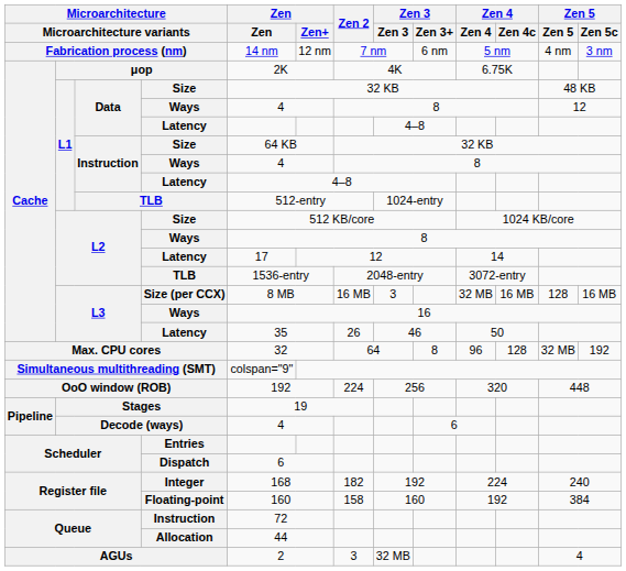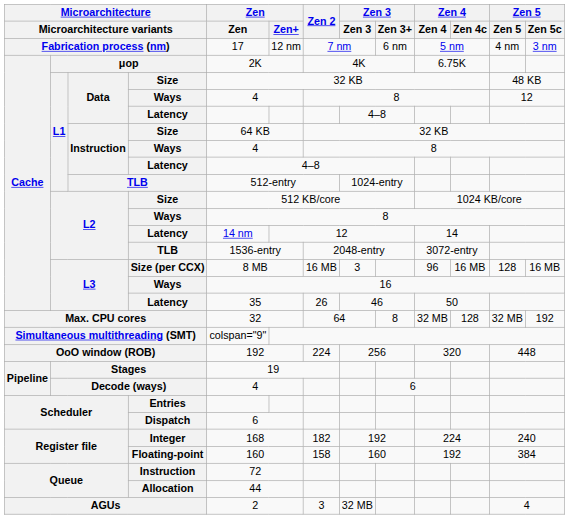 <table class="wikitable mw-datatable" style="text-align: center;">
 <tr>
 <th colspan="4"><a href='#'>Microarchitecture</a></th>
 <th colspan="2"><a href='#'>Zen</a></th>
 <th rowspan="2"><a href='#'>Zen 2</a></th>
 <th colspan="2"><a href='#'>Zen 3</a></th>
 <th colspan="2"><a href='#'>Zen 4</a></th>
 <th colspan="2"><a href='#'>Zen 5</a></th>
 </tr>
 <tr>
 <th colspan="4">Microarchitecture variants</th>
 <th>Zen</th>
 <th><a href='#'>Zen+</a></th>
 <th>Zen 3</th>
 <th>Zen 3+</th>
 <th>Zen 4</th>
 <th>Zen 4c</th>
 <th>Zen 5</th>
 <th>Zen 5c</th>
 </tr>
 <tr>
 <th colspan="4"><a href='#'>Fabrication process</a> (<a href='#'>nm</a>)</th>
-<td><a href='#'>14 nm</a></td>
+<td>17</td>
 <td>12 nm</td>
 <td colspan="2"><a href='#'>7 nm</a></td>
 <td>6 nm</td>
 <td colspan="2"><a href='#'>5 nm</a></td>
 <td>4 nm</td>
 <td><a href='#'>3 nm</a></td>
 </tr>
 <tr>
 <th rowspan="15"><a href='#'>Cache</a></th>
 <th colspan="3">μop</th>
 <td colspan="2">2K</td>
 <td colspan="3">4K</td>
 <td colspan="2">6.75K</td>
 <td></td>
 <td></td>
 </tr>
 <tr>
 <th rowspan="7"><a href='#'>L1</a></th>
 <th rowspan="3">Data</th>
 <th>Size</th>
 <td colspan="7">32 KB</td>
 <td colspan="2">48 KB</td>
 </tr>
 <tr>
 <th>Ways</th>
 <td colspan="2">4</td>
 <td colspan="5">8</td>
 <td colspan="2">12</td>
 </tr>
 <tr>
 <th>Latency</th>
 <td></td>
 <td></td>
 <td></td>
 <td colspan="2">4–8</td>
 <td></td>
 <td></td>
 <td colspan="2"></td>
 </tr>
 <tr>
 <th rowspan="3">Instruction</th>
 <th>Size</th>
 <td colspan="2">64 KB</td>
 <td colspan="7">32 KB</td>
 </tr>
 <tr>
 <th>Ways</th>
 <td colspan="2">4</td>
 <td colspan="7">8</td>
 </tr>
 <tr>
 <th>Latency</th>
 <td colspan="5">4–8</td>
 <td></td>
 <td></td>
 <td colspan="2"></td>
 </tr>
 <tr>
 <th colspan="2"><a href='#'>TLB</a></th>
 <td colspan="3">512-entry</td>
 <td colspan="2">1024-entry</td>
 <td></td>
 <td></td>
 <td colspan="2"></td>
 </tr>
 <tr>
 <th colspan="2" rowspan="4"><a href='#'>L2</a></th>
 <th>Size</th>
 <td colspan="5">512 KB/core</td>
 <td colspan="4">1024 KB/core</td>
 </tr>
 <tr>
 <th>Ways</th>
 <td colspan="9">8</td>
 </tr>
 <tr>
 <th>Latency</th>
-<td>17</td>
+<td><a href='#'>14 nm</a></td>
 <td colspan="4">12</td>
 <td colspan="2">14</td>
 <td colspan="2"></td>
 </tr>
 <tr>
 <th>TLB</th>
 <td colspan="2">1536-entry</td>
 <td colspan="3">2048-entry</td>
 <td colspan="2">3072-entry</td>
 <td colspan="2"></td>
 </tr>
 <tr>
 <th colspan="2" rowspan="3"><a href='#'>L3</a></th>
 <th>Size (per CCX)</th>
 <td colspan="2">8 MB</td>
 <td>16 MB</td>
 <td>3</td>
 <td></td>
-<td>32 MB</td>
+<td>96</td>
 <td>16 MB</td>
 <td>128</td>
 <td>16 MB</td>
 </tr>
 <tr>
 <th>Ways</th>
 <td colspan="9">16</td>
 </tr>
 <tr>
 <th>Latency</th>
 <td colspan="2">35</td>
 <td>26</td>
 <td colspan="2">46</td>
 <td colspan="2">50</td>
 <td colspan="2"></td>
 </tr>
 <tr>
 <th colspan="4">Max. CPU cores</th>
 <td colspan="2">32</td>
 <td colspan="2">64</td>
 <td>8</td>
-<td>96</td>
+<td>32 MB</td>
 <td>128</td>
 <td>32 MB</td>
 <td>192</td>
 </tr>
 <tr>
 <th colspan="4"><a href='#'>Simultaneous multithreading</a> (SMT)</th>
 <td>colspan="9" </td>
 </tr>
 <tr>
 <th colspan="4">OoO window (ROB)</th>
 <td colspan="2">192</td>
 <td>224</td>
 <td colspan="2">256</td>
 <td colspan="2">320</td>
 <td colspan="2">448</td>
 </tr>
 <tr>
 <th rowspan="2">Pipeline</th>
 <th colspan="3">Stages</th>
 <td colspan="3">19</td>
 <td></td>
 <td></td>
 <td></td>
 <td></td>
 <td colspan="2"></td>
 </tr>
 <tr>
 <th colspan="3">Decode (ways)</th>
 <td colspan="2">4</td>
 <td></td>
 <td></td>
 <td colspan="2">6</td>
 <td></td>
 <td colspan="2"></td>
 </tr>
 <tr>
 <th colspan="3" rowspan="2">Scheduler</th>
 <th>Entries</th>
 <td></td>
 <td></td>
 <td></td>
 <td></td>
 <td></td>
 <td></td>
 <td></td>
 <td colspan="2"></td>
 </tr>
 <tr>
 <th>Dispatch</th>
 <td colspan="2">6</td>
 <td></td>
 <td></td>
 <td></td>
 <td></td>
 <td></td>
 <td colspan="2"></td>
 </tr>
 <tr>
 <th colspan="3" rowspan="2">Register file</th>
 <th>Integer</th>
 <td colspan="2">168</td>
 <td>182</td>
 <td colspan="2">192</td>
 <td colspan="2">224</td>
 <td colspan="2">240</td>
 </tr>
 <tr>
 <th>Floating-point</th>
 <td colspan="2">160</td>
 <td>158</td>
 <td colspan="2">160</td>
 <td colspan="2">192</td>
 <td colspan="2">384</td>
 </tr>
 <tr>
 <th colspan="3" rowspan="2">Queue</th>
 <th>Instruction</th>
 <td colspan="2">72</td>
 <td></td>
 <td></td>
 <td></td>
 <td></td>
 <td></td>
 <td colspan="2"></td>
 </tr>
 <tr>
 <th>Allocation</th>
 <td colspan="2">44</td>
 <td></td>
 <td></td>
 <td></td>
 <td></td>
 <td></td>
 <td colspan="2"></td>
 </tr>
 <tr>
 <th colspan="4">AGUs</th>
 <td colspan="2">2</td>
 <td>3</td>
 <td>32 MB</td>
 <td></td>
 <td></td>
 <td></td>
 <td colspan="2">4</td>
 </tr>
 </table>
